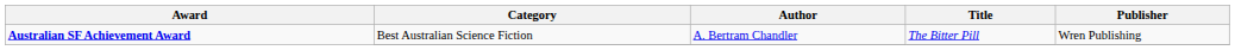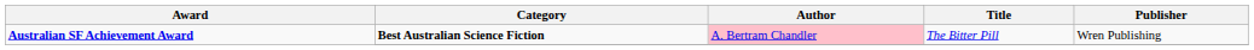 <table class="wikitable" width=100%>
 <tr>
 <th>Award</th>
 <th>Category</th>
 <th>Author</th>
 <th>Title</th>
 <th>Publisher</th>
 </tr>
 <tr>
 <td rowspan=2><strong><a href='#'> Australian SF Achievement Award</a></strong></td>
-<td>Best Australian Science Fiction</td>
-<td><a href='#'>A. Bertram Chandler</a></td>
+<td><strong>Best Australian Science Fiction</strong></td>
+<td style="background: pink;"><a href='#'>A. Bertram Chandler</a></td>
 <td><em><a href='#'>The Bitter Pill</a></em></td>
 <td>Wren Publishing</td>
 </tr>
 <tr>
 </tr>
 </table>
